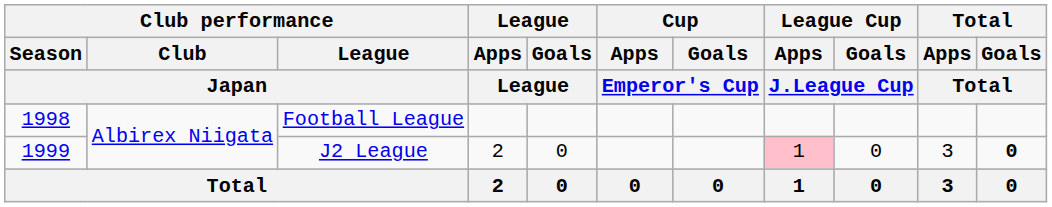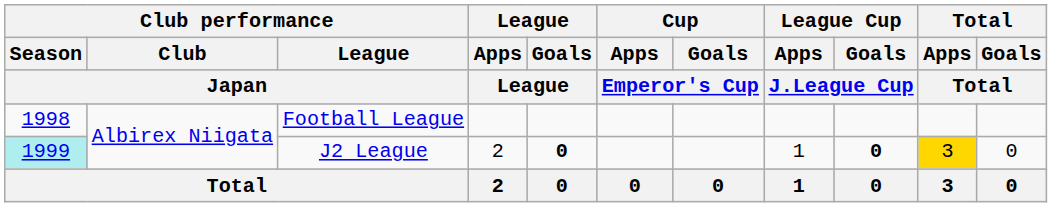 <table class="wikitable" style="text-align:center;">
 <tr>
 <th colspan=3>Club performance</th>
 <th colspan=2>League</th>
 <th colspan=2>Cup</th>
 <th colspan=2>League Cup</th>
 <th colspan=2>Total</th>
 </tr>
 <tr>
 <th>Season</th>
 <th>Club</th>
 <th>League</th>
 <th>Apps</th>
 <th>Goals</th>
 <th>Apps</th>
 <th>Goals</th>
 <th>Apps</th>
 <th>Goals</th>
 <th>Apps</th>
 <th>Goals</th>
 </tr>
 <tr>
 <th colspan=3>Japan</th>
 <th colspan=2>League</th>
 <th colspan=2><a href='#'>Emperor's Cup</a></th>
 <th colspan=2><a href='#'>J.League Cup</a></th>
 <th colspan=2>Total</th>
 </tr>
 <tr>
 <td><a href='#'>1998</a></td>
 <td rowspan="2"><a href='#'>Albirex Niigata</a></td>
 <td><a href='#'>Football League</a></td>
 <td></td>
 <td></td>
 <td></td>
 <td></td>
 <td></td>
 <td></td>
 <td></td>
 <td></td>
 </tr>
 <tr>
-<td><a href='#'>1999</a></td>
+<td style="background: paleturquoise;"><a href='#'>1999</a></td>
 <td><a href='#'>J2 League</a></td>
 <td>2</td>
-<td>0</td>
+<td><strong>0</strong></td>
 <td></td>
 <td></td>
-<td style="background: pink;">1</td>
+<td>1</td>
+<td><strong>0</strong></td>
+<td style="background: gold;">3</td>
 <td>0</td>
-<td>3</td>
-<td><strong>0</strong></td>
 </tr>
 <tr>
 <th colspan=3>Total</th>
 <th>2</th>
 <th>0</th>
 <th>0</th>
 <th>0</th>
 <th>1</th>
 <th>0</th>
 <th>3</th>
 <th>0</th>
 </tr>
 </table>
